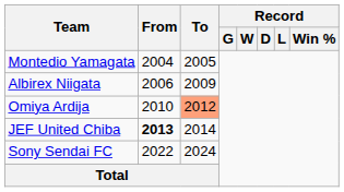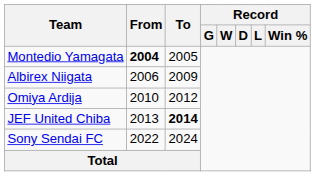 <table class="wikitable" style="text-align: center">
 <tr>
 <th rowspan="2">Team</th>
 <th rowspan="2">From</th>
 <th rowspan="2">To</th>
 <th colspan="5">Record</th>
 </tr>
 <tr>
 <th>G</th>
 <th>W</th>
 <th>D</th>
 <th>L</th>
 <th>Win %</th>
 </tr>
 <tr>
 <td align="left"><a href='#'>Montedio Yamagata</a></td>
-<td align="left">2004</td>
+<td align="left"><strong>2004</strong></td>
 <td align="left">2005<br></td>
 </tr>
 <tr>
 <td align="left"><a href='#'>Albirex Niigata</a></td>
 <td align="left">2006</td>
 <td align="left">2009<br></td>
 </tr>
 <tr>
 <td align="left"><a href='#'>Omiya Ardija</a></td>
 <td align="left">2010</td>
-<td align="left" style="background: lightsalmon;">2012<br></td>
+<td align="left">2012<br></td>
 </tr>
 <tr>
 <td align="left"><a href='#'>JEF United Chiba</a></td>
-<td align="left"><strong>2013</strong></td>
-<td align="left">2014<br></td>
+<td align="left">2013</td>
+<td align="left"><strong>2014<br></strong></td>
 </tr>
 <tr>
 <td align="left"><a href='#'>Sony Sendai FC</a></td>
 <td align="left">2022</td>
 <td align="left">2024<br></td>
 </tr>
 <tr>
 <th colspan="3">Total<br></th>
 </tr>
 </table>
